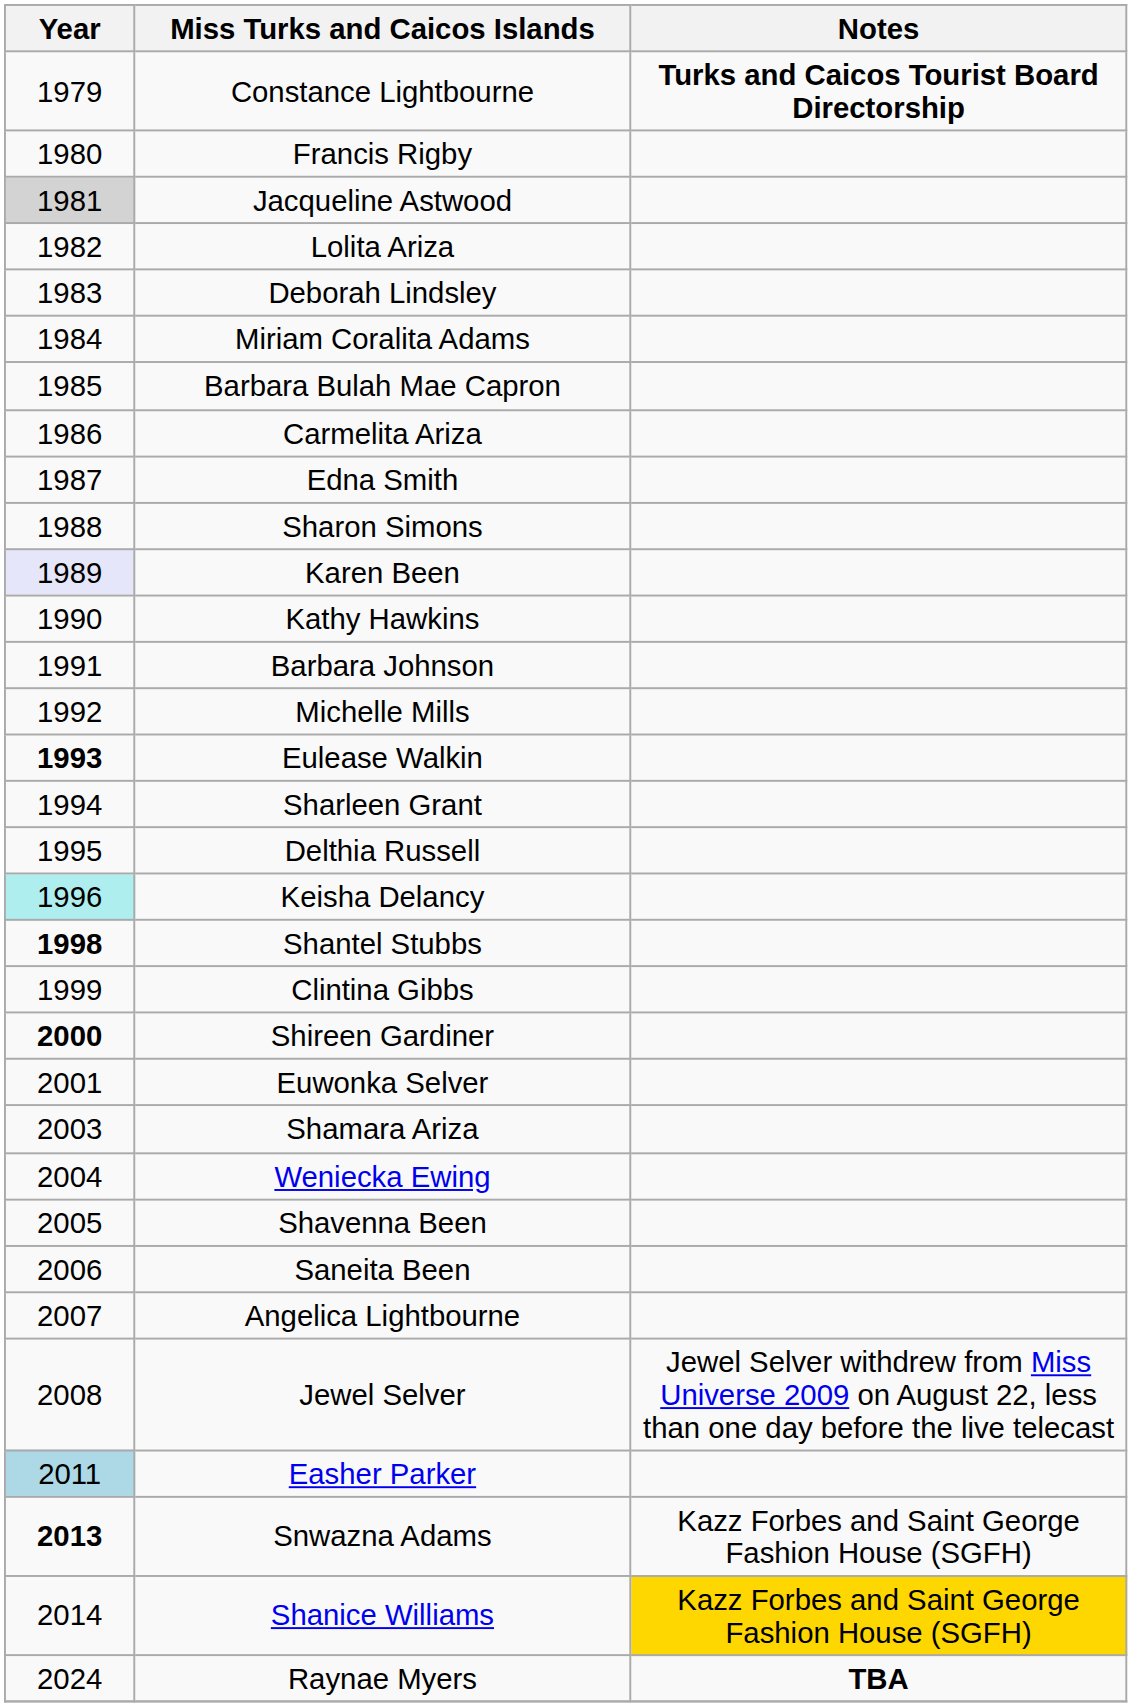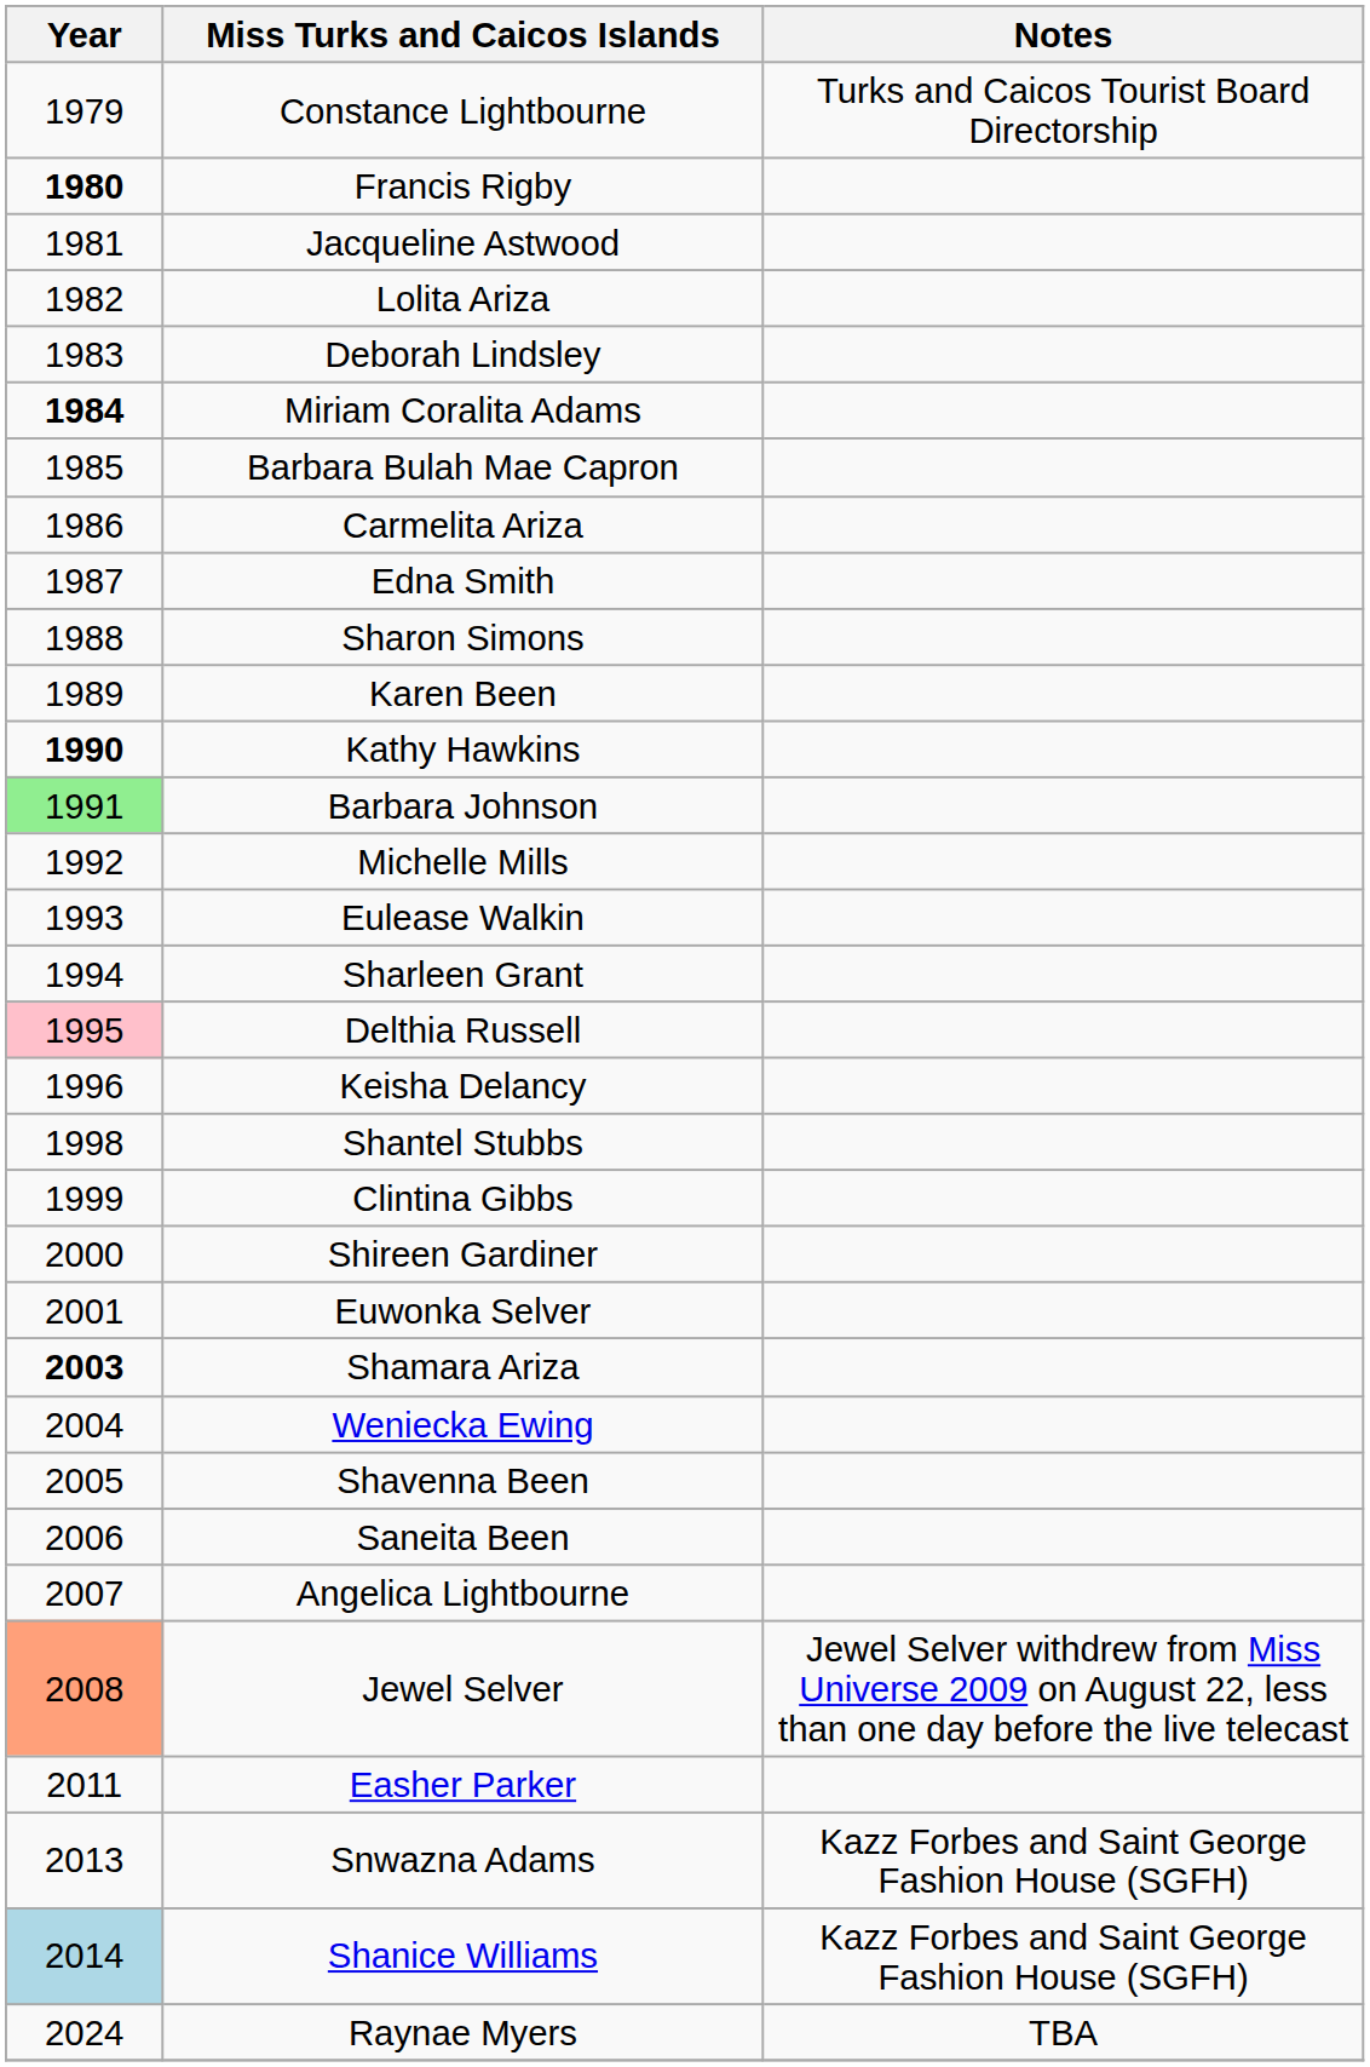 <table class="wikitable sortable" style="font-size: 95%; text-align:center">
 <tr>
 <th width="60">Year</th>
 <th width="250">Miss Turks and Caicos Islands</th>
 <th width="250">Notes</th>
 </tr>
 <tr>
 <td>1979</td>
 <td>Constance Lightbourne</td>
-<td><strong>Turks and Caicos Tourist Board Directorship</strong></td>
+<td>Turks and Caicos Tourist Board Directorship</td>
 </tr>
 <tr>
-<td>1980</td>
+<td><strong>1980</strong></td>
 <td>Francis Rigby</td>
 <td></td>
 </tr>
 <tr>
-<td style="background: lightgrey;">1981</td>
+<td>1981</td>
 <td>Jacqueline Astwood</td>
 <td></td>
 </tr>
 <tr>
 <td>1982</td>
 <td>Lolita Ariza</td>
 <td></td>
 </tr>
 <tr>
 <td>1983</td>
 <td>Deborah Lindsley</td>
 <td></td>
 </tr>
 <tr>
-<td>1984</td>
+<td><strong>1984</strong></td>
 <td>Miriam Coralita Adams</td>
 <td></td>
 </tr>
 <tr>
 <td>1985</td>
 <td>Barbara Bulah Mae Capron</td>
 <td></td>
 </tr>
 <tr>
 <td>1986</td>
 <td>Carmelita Ariza</td>
 <td></td>
 </tr>
 <tr>
 <td>1987</td>
 <td>Edna Smith</td>
 <td></td>
 </tr>
 <tr>
 <td>1988</td>
 <td>Sharon Simons</td>
 <td></td>
 </tr>
 <tr>
-<td style="background: lavender;">1989</td>
+<td>1989</td>
 <td>Karen Been</td>
 <td></td>
 </tr>
 <tr>
-<td>1990</td>
+<td><strong>1990</strong></td>
 <td>Kathy Hawkins</td>
 <td></td>
 </tr>
 <tr>
-<td>1991</td>
+<td style="background: lightgreen;">1991</td>
 <td>Barbara Johnson</td>
 <td></td>
 </tr>
 <tr>
 <td>1992</td>
 <td>Michelle Mills</td>
 <td></td>
 </tr>
 <tr>
-<td><strong>1993</strong></td>
+<td>1993</td>
 <td>Eulease Walkin</td>
 <td></td>
 </tr>
 <tr>
 <td>1994</td>
 <td>Sharleen Grant</td>
 <td></td>
 </tr>
 <tr>
-<td>1995</td>
+<td style="background: pink;">1995</td>
 <td>Delthia Russell</td>
 <td></td>
 </tr>
 <tr>
-<td style="background: paleturquoise;">1996</td>
+<td>1996</td>
 <td>Keisha Delancy</td>
 <td></td>
 </tr>
 <tr>
-<td><strong>1998</strong></td>
+<td>1998</td>
 <td>Shantel Stubbs</td>
 <td></td>
 </tr>
 <tr>
 <td>1999</td>
 <td>Clintina Gibbs</td>
 <td></td>
 </tr>
 <tr>
-<td><strong>2000</strong></td>
+<td>2000</td>
 <td>Shireen Gardiner</td>
 <td></td>
 </tr>
 <tr>
 <td>2001</td>
 <td>Euwonka Selver</td>
 <td></td>
 </tr>
 <tr>
-<td>2003</td>
+<td><strong>2003</strong></td>
 <td>Shamara Ariza</td>
 <td></td>
 </tr>
 <tr>
 <td>2004</td>
 <td><a href='#'>Weniecka Ewing</a></td>
 <td></td>
 </tr>
 <tr>
 <td>2005</td>
 <td>Shavenna Been</td>
 <td></td>
 </tr>
 <tr>
 <td>2006</td>
 <td>Saneita Been</td>
 <td></td>
 </tr>
 <tr>
 <td>2007</td>
 <td>Angelica Lightbourne</td>
 <td></td>
 </tr>
 <tr>
-<td>2008</td>
+<td style="background: lightsalmon;">2008</td>
 <td>Jewel Selver</td>
 <td>Jewel Selver withdrew from <a href='#'>Miss Universe 2009</a> on August 22, less than one day before the live telecast</td>
 </tr>
 <tr>
-<td style="background: lightblue;">2011</td>
+<td>2011</td>
 <td><a href='#'>Easher Parker</a></td>
 <td></td>
 </tr>
 <tr>
-<td><strong>2013</strong></td>
+<td>2013</td>
 <td>Snwazna Adams</td>
 <td>Kazz Forbes and Saint George Fashion House (SGFH)</td>
 </tr>
 <tr>
-<td>2014</td>
+<td style="background: lightblue;">2014</td>
 <td><a href='#'>Shanice Williams</a></td>
-<td style="background: gold;">Kazz Forbes and Saint George Fashion House (SGFH)</td>
+<td>Kazz Forbes and Saint George Fashion House (SGFH)</td>
 </tr>
 <tr>
 <td>2024</td>
 <td>Raynae Myers</td>
-<td><strong>TBA</strong></td>
+<td>TBA</td>
 </tr>
 <tr>
 </tr>
 </table>
